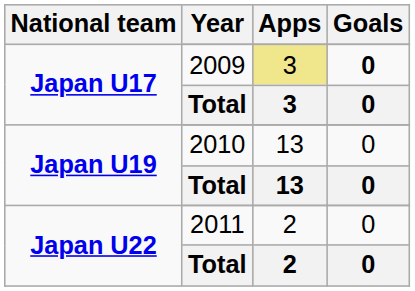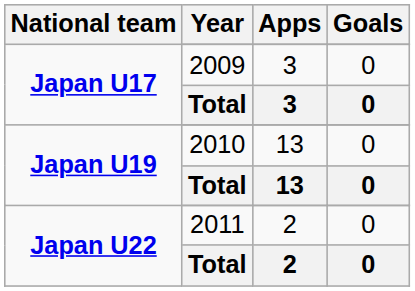 <table class="wikitable" style="text-align: center">
 <tr>
 <th>National team</th>
 <th>Year</th>
 <th>Apps</th>
 <th>Goals</th>
 </tr>
 <tr>
 <td rowspan="3"><strong><a href='#'>Japan U17</a></strong></td>
 </tr>
 <tr>
 <td>2009</td>
-<td style="background: khaki;">3</td>
-<td><strong>0</strong></td>
+<td>3</td>
+<td>0</td>
 </tr>
 <tr>
 <th>Total</th>
 <th>3</th>
 <th>0</th>
 </tr>
 <tr>
 <td rowspan="3"><strong><a href='#'>Japan U19</a></strong></td>
 </tr>
 <tr>
 <td>2010</td>
 <td>13</td>
 <td>0</td>
 </tr>
 <tr>
 <th>Total</th>
 <th>13</th>
 <th>0</th>
 </tr>
 <tr>
 <td rowspan="3"><strong><a href='#'>Japan U22</a></strong></td>
 </tr>
 <tr>
 <td>2011</td>
 <td>2</td>
 <td>0</td>
 </tr>
 <tr>
 <th>Total</th>
 <th>2</th>
 <th>0</th>
 </tr>
 </table>
